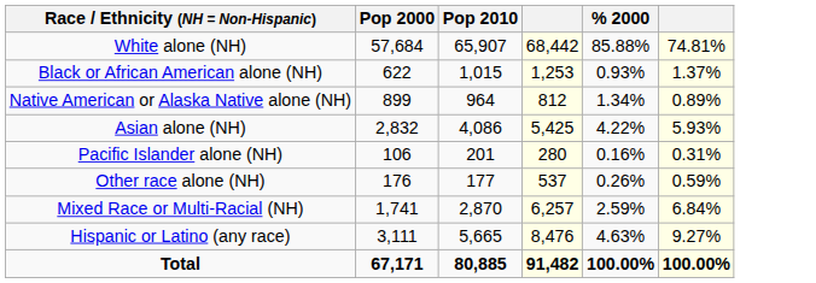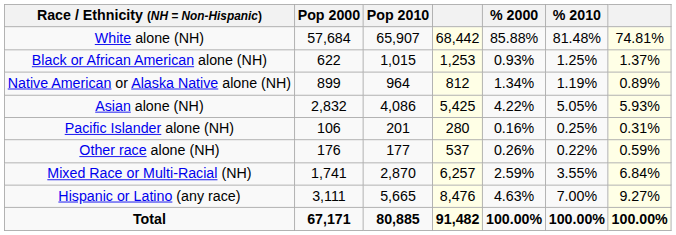 <table class="wikitable" style="text-align:center;">
 <tr>
 <th>Race / Ethnicity <small>(<em>NH = Non-Hispanic</em>)</small></th>
 <th>Pop 2000</th>
 <th>Pop 2010</th>
 <th></th>
 <th>% 2000</th>
+<th>% 2010</th>
 <th></th>
 </tr>
 <tr>
 <td><a href='#'>White</a> alone (NH)</td>
 <td>57,684</td>
 <td>65,907</td>
 <td style='background: #ffffe6;'>68,442</td>
 <td>85.88%</td>
+<td>81.48%</td>
 <td style='background: #ffffe6;'>74.81%</td>
 </tr>
 <tr>
 <td><a href='#'>Black or African American</a> alone (NH)</td>
 <td>622</td>
 <td>1,015</td>
 <td style='background: #ffffe6;'>1,253</td>
 <td>0.93%</td>
+<td>1.25%</td>
 <td style='background: #ffffe6;'>1.37%</td>
 </tr>
 <tr>
 <td><a href='#'>Native American</a> or <a href='#'>Alaska Native</a> alone (NH)</td>
 <td>899</td>
 <td>964</td>
 <td style='background: #ffffe6;'>812</td>
 <td>1.34%</td>
+<td>1.19%</td>
 <td style='background: #ffffe6;'>0.89%</td>
 </tr>
 <tr>
 <td><a href='#'>Asian</a> alone (NH)</td>
 <td>2,832</td>
 <td>4,086</td>
 <td style='background: #ffffe6;'>5,425</td>
 <td>4.22%</td>
+<td>5.05%</td>
 <td style='background: #ffffe6;'>5.93%</td>
 </tr>
 <tr>
 <td><a href='#'>Pacific Islander</a> alone (NH)</td>
 <td>106</td>
 <td>201</td>
 <td style='background: #ffffe6;'>280</td>
 <td>0.16%</td>
+<td>0.25%</td>
 <td style='background: #ffffe6;'>0.31%</td>
 </tr>
 <tr>
 <td><a href='#'>Other race</a> alone (NH)</td>
 <td>176</td>
 <td>177</td>
 <td style='background: #ffffe6;'>537</td>
 <td>0.26%</td>
+<td>0.22%</td>
 <td style='background: #ffffe6;'>0.59%</td>
 </tr>
 <tr>
 <td><a href='#'>Mixed Race or Multi-Racial</a> (NH)</td>
 <td>1,741</td>
 <td>2,870</td>
 <td style='background: #ffffe6;'>6,257</td>
 <td>2.59%</td>
+<td>3.55%</td>
 <td style='background: #ffffe6;'>6.84%</td>
 </tr>
 <tr>
 <td><a href='#'>Hispanic or Latino</a> (any race)</td>
 <td>3,111</td>
 <td>5,665</td>
 <td style='background: #ffffe6;'>8,476</td>
 <td>4.63%</td>
+<td>7.00%</td>
 <td style='background: #ffffe6;'>9.27%</td>
 </tr>
 <tr>
 <td><strong>Total</strong></td>
 <td><strong>67,171</strong></td>
 <td><strong>80,885</strong></td>
 <td style='background: #ffffe6;'><strong>91,482</strong></td>
 <td><strong>100.00%</strong></td>
+<td><strong>100.00%</strong></td>
 <td style='background: #ffffe6;'><strong>100.00%</strong></td>
 </tr>
 </table>
